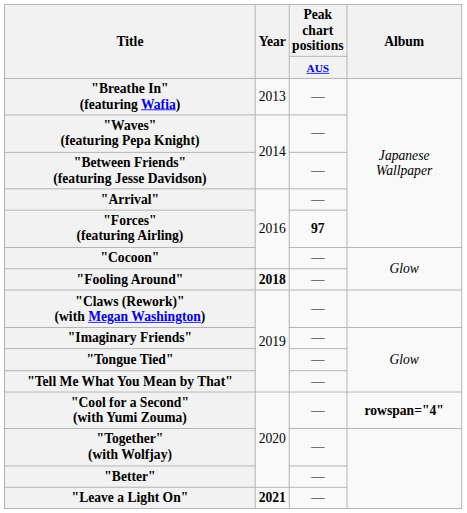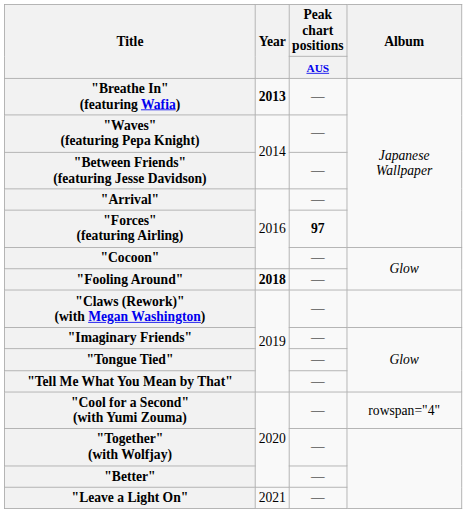 <table class="wikitable plainrowheaders" style=text-align:center;>
 <tr>
 <th scope="col" rowspan="2" style="width:18em;">Title</th>
 <th scope="col" rowspan="2" style="width:1em;">Year</th>
 <th scope="col" colspan="1">Peak chart positions</th>
 <th scope="col" rowspan="2" style="width:8em;">Album</th>
 </tr>
 <tr>
 <th width="30px"><small><a href='#'>AUS</a></small><br></th>
 </tr>
 <tr>
 <th scope="row">"Breathe In"<br><span>(featuring <a href='#'>Wafia</a>)</span></th>
-<td>2013</td>
+<td><strong>2013</strong></td>
 <td>—</td>
 <td rowspan="5"><em>Japanese Wallpaper</em></td>
 </tr>
 <tr>
 <th scope="row">"Waves"<br><span>(featuring Pepa Knight)</span></th>
 <td rowspan="2">2014</td>
 <td>—</td>
 </tr>
 <tr>
 <th scope="row">"Between Friends"<br><span>(featuring Jesse Davidson)</span></th>
 <td>—</td>
 </tr>
 <tr>
 <th scope="row">"Arrival"</th>
 <td rowspan="3">2016</td>
 <td>—</td>
 </tr>
 <tr>
 <th scope="row">"Forces"<br><span>(featuring Airling)</span></th>
 <td><strong>97</strong></td>
 </tr>
 <tr>
 <th scope="row">"Cocoon"</th>
 <td>—</td>
 <td rowspan="2"><em>Glow</em></td>
 </tr>
 <tr>
 <th scope="row">"Fooling Around"</th>
 <td><strong>2018</strong></td>
 <td>—</td>
 </tr>
 <tr>
 <th scope="row">"Claws (Rework)"<br><span>(with <a href='#'>Megan Washington</a>)</span></th>
 <td rowspan="4">2019</td>
 <td>—</td>
 <td></td>
 </tr>
 <tr>
 <th scope="row">"Imaginary Friends"</th>
 <td>—</td>
 <td rowspan="3"><em>Glow</em></td>
 </tr>
 <tr>
 <th scope="row">"Tongue Tied"</th>
 <td>—</td>
 </tr>
 <tr>
 <th scope="row">"Tell Me What You Mean by That"</th>
 <td>—</td>
 </tr>
 <tr>
 <th scope="row">"Cool for a Second"<br><span>(with Yumi Zouma)</span></th>
 <td rowspan="3">2020</td>
 <td>—</td>
-<td><strong>rowspan="4" </strong></td>
+<td>rowspan="4" </td>
 </tr>
 <tr>
 <th scope="row">"Together"<br><span>(with Wolfjay)</span></th>
 <td>—</td>
 </tr>
 <tr>
 <th scope="row">"Better"<br></th>
 <td>—</td>
 </tr>
 <tr>
 <th scope="row">"Leave a Light On"</th>
-<td><strong>2021</strong></td>
+<td>2021</td>
 <td>—</td>
 </tr>
 </table>
